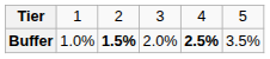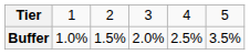 <table class="wikitable" style="text-align:center">
 <tr>
 <th>Tier</th>
 <td>1</td>
 <td>2</td>
 <td>3</td>
 <td>4</td>
 <td>5</td>
 </tr>
 <tr>
 <th>Buffer</th>
 <td>1.0%</td>
-<td><strong>1.5%</strong></td>
+<td>1.5%</td>
 <td>2.0%</td>
-<td><strong>2.5%</strong></td>
+<td>2.5%</td>
 <td>3.5%</td>
 </tr>
 </table>
